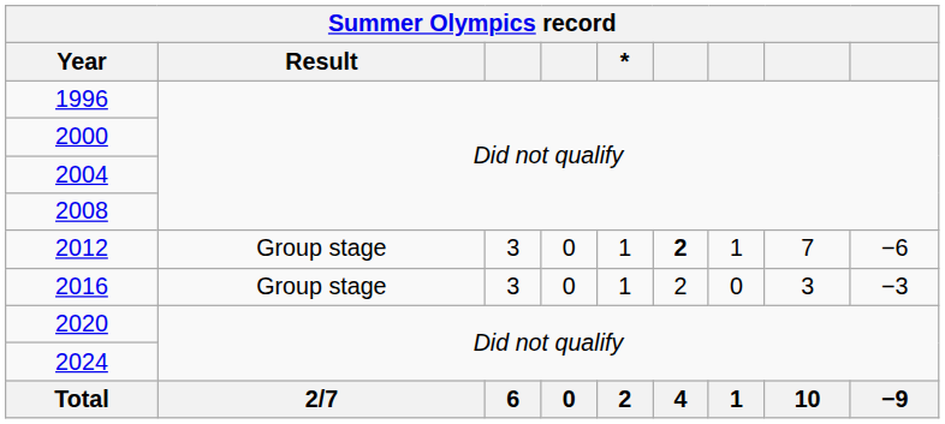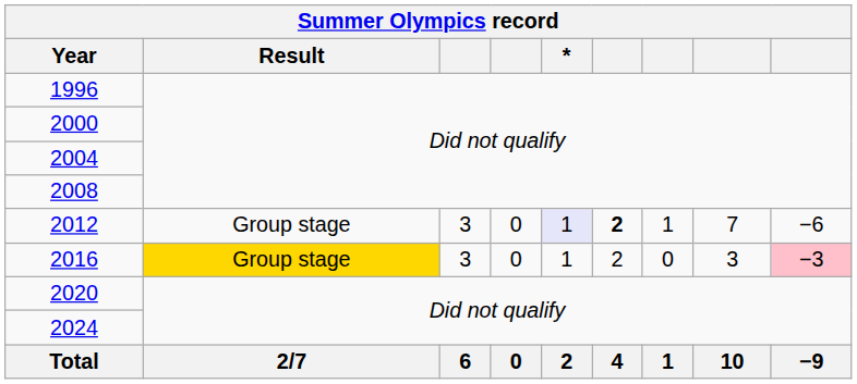 <table class="wikitable" style="text-align: center; width:50%;">
 <tr>
 <th colspan=10><a href='#'>Summer Olympics</a> record</th>
 </tr>
 <tr>
 <th>Year</th>
 <th>Result</th>
 <th></th>
 <th></th>
 <th>*</th>
 <th></th>
 <th></th>
 <th></th>
 <th></th>
 </tr>
 <tr>
 <td> <a href='#'>1996</a></td>
 <td colspan=8 rowspan=4><em>Did not qualify</em></td>
 </tr>
 <tr>
 <td> <a href='#'>2000</a></td>
 </tr>
 <tr>
 <td> <a href='#'>2004</a></td>
 </tr>
 <tr>
 <td> <a href='#'>2008</a></td>
 </tr>
 <tr>
 <td> <a href='#'>2012</a></td>
 <td>Group stage</td>
 <td>3</td>
 <td>0</td>
-<td>1</td>
+<td style="background: lavender;">1</td>
 <td><strong>2</strong></td>
 <td>1</td>
 <td>7</td>
 <td>−6</td>
 </tr>
 <tr>
 <td> <a href='#'>2016</a></td>
-<td>Group stage</td>
+<td style="background: gold;">Group stage</td>
 <td>3</td>
 <td>0</td>
 <td>1</td>
 <td>2</td>
 <td>0</td>
 <td>3</td>
-<td>−3</td>
+<td style="background: pink;">−3</td>
 </tr>
 <tr>
 <td> <a href='#'>2020</a></td>
 <td colspan=8 rowspan=2><em>Did not qualify</em></td>
 </tr>
 <tr>
 <td> <a href='#'>2024</a></td>
 </tr>
 <tr>
 <th>Total</th>
 <th>2/7</th>
 <th>6</th>
 <th>0</th>
 <th>2</th>
 <th>4</th>
 <th>1</th>
 <th>10</th>
 <th>−9</th>
 </tr>
 </table>
